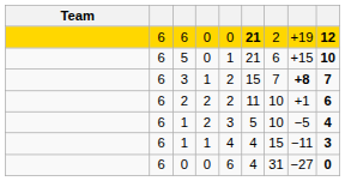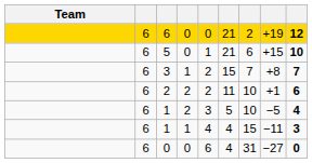 <table class="wikitable" style="text-align:center">
 <tr>
 <th width=165>Team</th>
 <th width=20></th>
 <th width=20></th>
 <th width=20></th>
 <th width=20></th>
 <th width=20></th>
 <th width=20></th>
 <th width=20></th>
 <th width=20></th>
 </tr>
 <tr align=center bgcolor=gold>
 <td align=left></td>
 <td>6</td>
 <td>6</td>
 <td>0</td>
 <td>0</td>
-<td><strong>21</strong></td>
+<td>21</td>
 <td>2</td>
 <td>+19</td>
 <td><strong>12</strong></td>
 </tr>
 <tr align=center>
 <td align=left></td>
 <td>6</td>
 <td>5</td>
 <td>0</td>
 <td>1</td>
 <td>21</td>
 <td>6</td>
 <td>+15</td>
 <td><strong>10</strong></td>
 </tr>
 <tr align=center>
 <td align=left></td>
 <td>6</td>
 <td>3</td>
 <td>1</td>
 <td>2</td>
 <td>15</td>
 <td>7</td>
-<td><strong>+8</strong></td>
+<td>+8</td>
 <td><strong>7</strong></td>
 </tr>
 <tr align=center>
 <td align=left></td>
 <td>6</td>
 <td>2</td>
 <td>2</td>
 <td>2</td>
 <td>11</td>
 <td>10</td>
 <td>+1</td>
 <td><strong>6</strong></td>
 </tr>
 <tr align=center>
 <td align=left></td>
 <td>6</td>
 <td>1</td>
 <td>2</td>
 <td>3</td>
 <td>5</td>
 <td>10</td>
 <td>−5</td>
 <td><strong>4</strong></td>
 </tr>
 <tr align=center>
 <td align=left></td>
 <td>6</td>
 <td>1</td>
 <td>1</td>
 <td>4</td>
 <td>4</td>
 <td>15</td>
 <td>−11</td>
 <td><strong>3</strong></td>
 </tr>
 <tr align=center>
 <td align=left></td>
 <td>6</td>
 <td>0</td>
 <td>0</td>
 <td>6</td>
 <td>4</td>
 <td>31</td>
 <td>−27</td>
 <td><strong>0</strong></td>
 </tr>
 </table>
